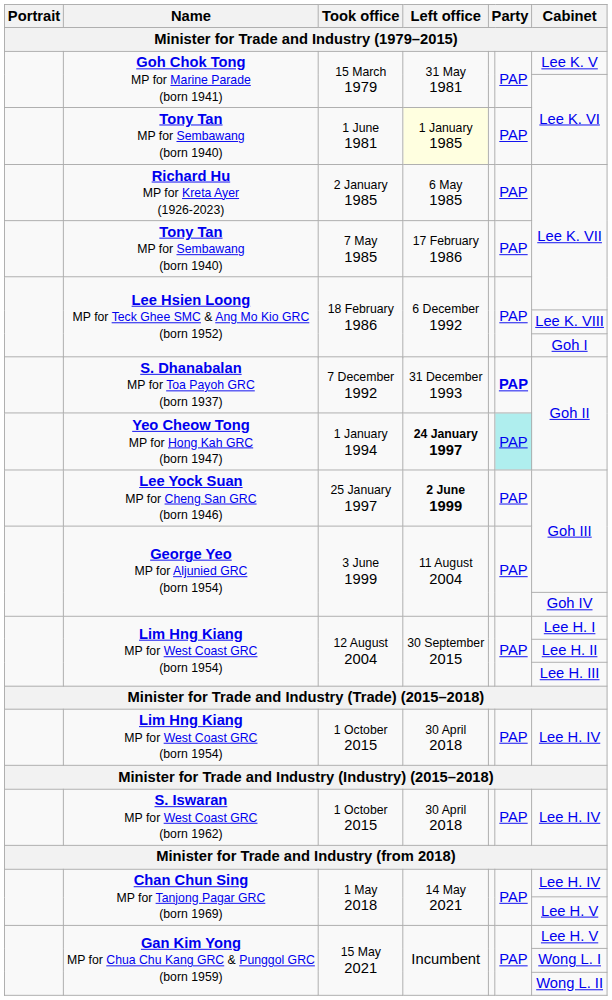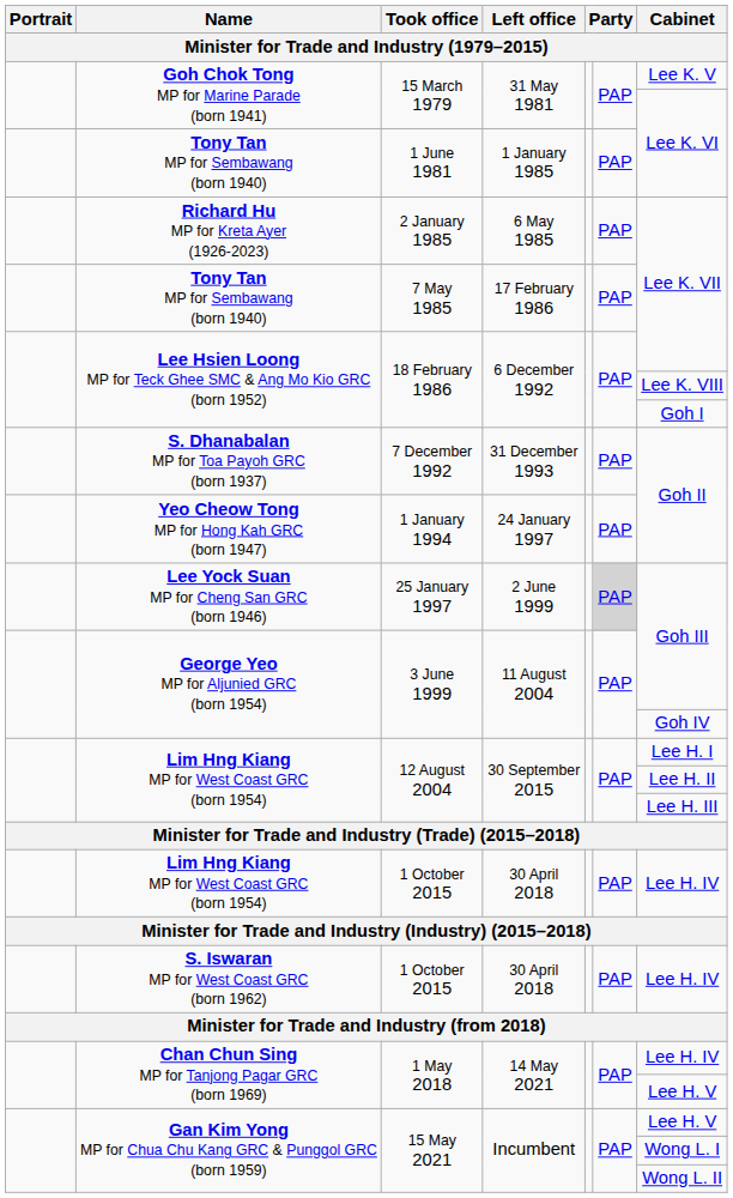 <table class="wikitable" style="text-align:center; border:1px #aaf solid;">
 <tr>
 <th>Portrait</th>
 <th>Name<br></th>
 <th width="85">Took office</th>
 <th width="85">Left office</th>
 <th colspan="2">Party</th>
 <th>Cabinet</th>
 </tr>
 <tr>
 <th colspan="7">Minister for Trade and Industry (1979–2015)</th>
 </tr>
 <tr>
 <td rowspan="2"></td>
 <td rowspan="2"><strong><a href='#'>Goh Chok Tong</a></strong><br><small>MP for <a href='#'>Marine Parade</a></small><br><small>(born 1941)</small></td>
 <td rowspan="2"><small>15 March</small><br>1979</td>
 <td rowspan="2"><small>31 May</small><br>1981</td>
 <td rowspan="2" style="background:"></td>
 <td rowspan="2"><a href='#'>PAP</a></td>
 <td><a href='#'>Lee K. V</a></td>
 </tr>
 <tr>
 <td rowspan="2"><a href='#'>Lee K. VI</a></td>
 </tr>
 <tr>
 <td></td>
 <td><strong><a href='#'>Tony Tan</a></strong><br><small>MP for <a href='#'>Sembawang</a></small><br><small>(born 1940)</small></td>
 <td><small>1 June</small><br>1981</td>
-<td style="background: lightyellow;"><small>1 January</small><br>1985</td>
+<td><small>1 January</small><br>1985</td>
 <td style="background:"></td>
 <td><a href='#'>PAP</a></td>
 </tr>
 <tr>
 <td></td>
 <td><strong><a href='#'>Richard Hu</a></strong><br><small>MP for <a href='#'>Kreta Ayer</a></small><br><small>(1926-2023)</small></td>
 <td><small>2 January</small><br>1985</td>
 <td><small>6 May</small><br>1985</td>
 <td style="background:"></td>
 <td><a href='#'>PAP</a></td>
 <td rowspan="3"><a href='#'>Lee K. VII</a></td>
 </tr>
 <tr>
 <td></td>
 <td><strong><a href='#'>Tony Tan</a></strong><br><small>MP for <a href='#'>Sembawang</a></small><br><small>(born 1940)</small></td>
 <td><small>7 May</small><br>1985</td>
 <td><small>17 February</small><br>1986</td>
 <td style="background:"></td>
 <td><a href='#'>PAP</a></td>
 </tr>
 <tr style="height:36px;">
 <td rowspan="4"></td>
 <td rowspan="4"><strong><a href='#'>Lee Hsien Loong</a></strong><br><small>MP for <a href='#'>Teck Ghee SMC</a> & <a href='#'>Ang Mo Kio GRC</a><br>(born 1952)</small></td>
 <td rowspan="4"><small>18 February</small><br>1986</td>
 <td rowspan="4"><small>6 December</small><br>1992</td>
 <td rowspan="4" style="background:"></td>
 <td rowspan="4"><a href='#'>PAP</a></td>
 </tr>
 <tr>
 <td><a href='#'>Lee K. VIII</a></td>
 </tr>
 <tr>
 <td><a href='#'>Goh I</a></td>
 </tr>
 <tr>
 <td rowspan="3"><a href='#'>Goh II</a></td>
 </tr>
 <tr>
 <td></td>
 <td><strong><a href='#'>S. Dhanabalan</a></strong><br><small>MP for <a href='#'>Toa Payoh GRC</a></small><br><small>(born 1937)</small></td>
 <td><small>7 December</small><br>1992</td>
 <td><small>31 December</small><br>1993</td>
 <td style="background:"></td>
-<td><strong><a href='#'>PAP</a></strong></td>
+<td><a href='#'>PAP</a></td>
 </tr>
 <tr>
 <td></td>
 <td><strong><a href='#'>Yeo Cheow Tong</a></strong><br><small>MP for <a href='#'>Hong Kah GRC</a></small><br><small>(born 1947)</small></td>
 <td><small>1 January</small><br>1994</td>
-<td><strong><small>24 January</small><br>1997</strong></td>
+<td><small>24 January</small><br>1997</td>
 <td style="background:"></td>
-<td style="background: paleturquoise;"><a href='#'>PAP</a></td>
+<td><a href='#'>PAP</a></td>
 </tr>
 <tr>
 <td></td>
 <td><strong><a href='#'>Lee Yock Suan</a></strong><br><small>MP for <a href='#'>Cheng San GRC</a></small><br><small>(born 1946)</small></td>
 <td><small>25 January</small><br>1997</td>
-<td><strong><small>2 June</small><br>1999</strong></td>
+<td><small>2 June</small><br>1999</td>
 <td style="background:"></td>
-<td><a href='#'>PAP</a></td>
+<td style="background: lightgrey;"><a href='#'>PAP</a></td>
 <td rowspan="2"><a href='#'>Goh III</a></td>
 </tr>
 <tr style="height:72px;">
 <td rowspan="2"></td>
 <td rowspan="2"><strong><a href='#'>George Yeo</a></strong><br><small>MP for <a href='#'>Aljunied GRC</a></small><br><small>(born 1954)</small></td>
 <td rowspan="2"><small>3 June</small><br>1999</td>
 <td rowspan="2"><small>11 August</small><br>2004</td>
 <td rowspan="2" style="background:"></td>
 <td rowspan="2"><a href='#'>PAP</a></td>
 </tr>
 <tr>
 <td><a href='#'>Goh IV</a></td>
 </tr>
 <tr>
 <td rowspan="3"></td>
 <td rowspan="3"><strong><a href='#'>Lim Hng Kiang</a></strong><br><small>MP for <a href='#'>West Coast GRC</a></small><br><small>(born 1954)</small></td>
 <td rowspan="3"><small>12 August</small><br>2004</td>
 <td rowspan="3"><small>30 September</small><br>2015</td>
 <td rowspan="3" style="background:"></td>
 <td rowspan="3"><a href='#'>PAP</a></td>
 <td><a href='#'>Lee H. I</a></td>
 </tr>
 <tr>
 <td><a href='#'>Lee H. II</a></td>
 </tr>
 <tr>
 <td><a href='#'>Lee H. III</a></td>
 </tr>
 <tr>
 <th colspan="7">Minister for Trade and Industry (Trade) (2015–2018)</th>
 </tr>
 <tr>
 <td></td>
 <td><strong><a href='#'>Lim Hng Kiang</a></strong><br><small>MP for <a href='#'>West Coast GRC</a></small><br><small>(born 1954)</small></td>
 <td><small>1 October</small><br>2015</td>
 <td><small>30 April</small><br>2018</td>
 <td style="background:"></td>
 <td><a href='#'>PAP</a></td>
 <td><a href='#'>Lee H. IV</a></td>
 </tr>
 <tr>
 <th colspan="7">Minister for Trade and Industry (Industry) (2015–2018)</th>
 </tr>
 <tr>
 <td></td>
 <td><strong><a href='#'>S. Iswaran</a></strong><br><small>MP for <a href='#'>West Coast GRC</a></small><br><small>(born 1962)</small></td>
 <td><small>1 October</small><br>2015</td>
 <td><small>30 April</small><br>2018</td>
 <td style="background:"></td>
 <td><a href='#'>PAP</a></td>
 <td><a href='#'>Lee H. IV</a></td>
 </tr>
 <tr>
 <th colspan="7">Minister for Trade and Industry (from 2018)</th>
 </tr>
 <tr>
 <td rowspan="2"></td>
 <td rowspan="2"><strong><a href='#'>Chan Chun Sing</a></strong><br><small>MP for <a href='#'>Tanjong Pagar GRC</a></small><br><small>(born 1969)</small></td>
 <td rowspan="2"><small>1 May</small><br>2018</td>
 <td rowspan="2"><small>14 May</small><br>2021</td>
 <td rowspan="2" style="background:"></td>
 <td rowspan="2"><a href='#'>PAP</a></td>
 <td><a href='#'>Lee H. IV</a></td>
 </tr>
 <tr>
 <td rowspan="1"><a href='#'>Lee H. V</a></td>
 </tr>
 <tr>
 <td rowspan="3"></td>
 <td rowspan="3"><strong><a href='#'>Gan Kim Yong</a></strong><br><small>MP for <a href='#'>Chua Chu Kang GRC</a> & <a href='#'>Punggol GRC</a></small><br><small>(born 1959)</small></td>
 <td rowspan="3"><small>15 May</small><br>2021</td>
 <td rowspan="3">Incumbent</td>
 <td rowspan="3" style="background:"></td>
 <td rowspan="4"><a href='#'>PAP</a></td>
 <td><a href='#'>Lee H. V</a></td>
 </tr>
 <tr>
 <td><a href='#'>Wong L. I</a></td>
 </tr>
 <tr>
 <td><a href='#'>Wong L. II</a></td>
 </tr>
 </table>
